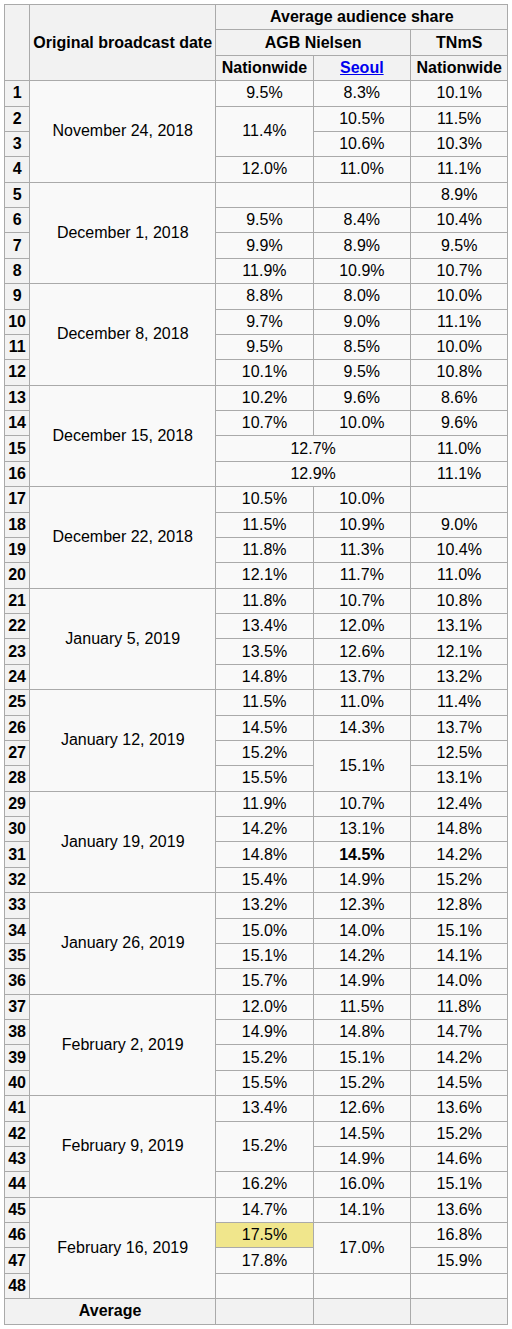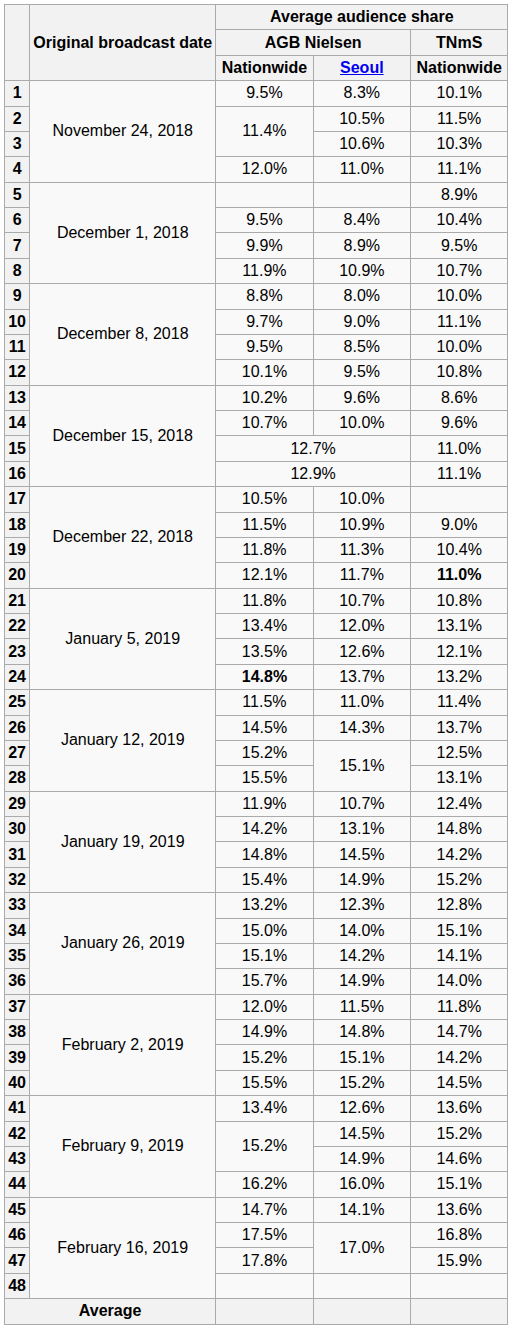 <table class="wikitable" style="text-align:center">
 <tr>
 <th rowspan="3"></th>
 <th rowspan="3">Original broadcast date</th>
 <th colspan="3">Average audience share</th>
 </tr>
 <tr>
 <th colspan="2">AGB Nielsen</th>
 <th width="90">TNmS</th>
 </tr>
 <tr>
 <th width="90">Nationwide</th>
 <th width="90"><a href='#'>Seoul</a></th>
 <th width="90">Nationwide</th>
 </tr>
 <tr>
 <th>1</th>
 <td rowspan="4">November 24, 2018</td>
 <td>9.5% </td>
 <td>8.3% </td>
 <td>10.1%</td>
 </tr>
 <tr>
 <th>2</th>
 <td rowspan="2">11.4% </td>
 <td>10.5% </td>
 <td>11.5%</td>
 </tr>
 <tr>
 <th>3</th>
 <td>10.6% </td>
 <td>10.3%</td>
 </tr>
 <tr>
 <th>4</th>
 <td>12.0% </td>
 <td>11.0% </td>
 <td>11.1%</td>
 </tr>
 <tr>
 <th>5</th>
 <td rowspan="4">December 1, 2018</td>
 <td> </td>
 <td> </td>
 <td>8.9%</td>
 </tr>
 <tr>
 <th>6</th>
 <td>9.5% </td>
 <td>8.4% </td>
 <td>10.4%</td>
 </tr>
 <tr>
 <th>7</th>
 <td>9.9% </td>
 <td>8.9% </td>
 <td>9.5%</td>
 </tr>
 <tr>
 <th>8</th>
 <td>11.9% </td>
 <td>10.9% </td>
 <td>10.7%</td>
 </tr>
 <tr>
 <th>9</th>
 <td rowspan="4">December 8, 2018</td>
 <td>8.8% </td>
 <td>8.0% </td>
 <td>10.0%</td>
 </tr>
 <tr>
 <th>10</th>
 <td>9.7% </td>
 <td>9.0% </td>
 <td>11.1%</td>
 </tr>
 <tr>
 <th>11</th>
 <td>9.5% </td>
 <td>8.5% </td>
 <td>10.0%</td>
 </tr>
 <tr>
 <th>12</th>
 <td>10.1% </td>
 <td>9.5% </td>
 <td>10.8%</td>
 </tr>
 <tr>
 <th>13</th>
 <td rowspan="4">December 15, 2018</td>
 <td>10.2% </td>
 <td>9.6% </td>
 <td>8.6%</td>
 </tr>
 <tr>
 <th>14</th>
 <td>10.7% </td>
 <td>10.0% </td>
 <td>9.6%</td>
 </tr>
 <tr>
 <th>15</th>
 <td colspan="2">12.7% </td>
 <td>11.0%</td>
 </tr>
 <tr>
 <th>16</th>
 <td colspan="2">12.9% </td>
 <td>11.1%</td>
 </tr>
 <tr>
 <th>17</th>
 <td rowspan="4">December 22, 2018</td>
 <td>10.5% </td>
 <td>10.0% </td>
 <td></td>
 </tr>
 <tr>
 <th>18</th>
 <td>11.5% </td>
 <td>10.9% </td>
 <td>9.0%</td>
 </tr>
 <tr>
 <th>19</th>
 <td>11.8% </td>
 <td>11.3% </td>
 <td>10.4%</td>
 </tr>
 <tr>
 <th>20</th>
 <td>12.1% </td>
 <td>11.7% </td>
-<td>11.0%</td>
+<td><strong>11.0%</strong></td>
 </tr>
 <tr>
 <th>21</th>
 <td rowspan="4">January 5, 2019</td>
 <td>11.8% </td>
 <td>10.7% </td>
 <td>10.8%</td>
 </tr>
 <tr>
 <th>22</th>
 <td>13.4% </td>
 <td>12.0% </td>
 <td>13.1%</td>
 </tr>
 <tr>
 <th>23</th>
 <td>13.5% </td>
 <td>12.6% </td>
 <td>12.1%</td>
 </tr>
 <tr>
 <th>24</th>
-<td>14.8% </td>
+<td><strong>14.8% </strong></td>
 <td>13.7% </td>
 <td>13.2%</td>
 </tr>
 <tr>
 <th>25</th>
 <td rowspan="4">January 12, 2019</td>
 <td>11.5% </td>
 <td>11.0% </td>
 <td>11.4%</td>
 </tr>
 <tr>
 <th>26</th>
 <td>14.5% </td>
 <td>14.3% </td>
 <td>13.7%</td>
 </tr>
 <tr>
 <th>27</th>
 <td>15.2% </td>
 <td rowspan=2>15.1% </td>
 <td>12.5%</td>
 </tr>
 <tr>
 <th>28</th>
 <td>15.5% </td>
 <td>13.1%</td>
 </tr>
 <tr>
 <th>29</th>
 <td rowspan="4">January 19, 2019</td>
 <td>11.9% </td>
 <td>10.7% </td>
 <td>12.4%</td>
 </tr>
 <tr>
 <th>30</th>
 <td>14.2% </td>
 <td>13.1% </td>
 <td>14.8%</td>
 </tr>
 <tr>
 <th>31</th>
 <td>14.8% </td>
-<td><strong>14.5% </strong></td>
+<td>14.5% </td>
 <td>14.2%</td>
 </tr>
 <tr>
 <th>32</th>
 <td>15.4% </td>
 <td>14.9% </td>
 <td>15.2%</td>
 </tr>
 <tr>
 <th>33</th>
 <td rowspan="4">January 26, 2019</td>
 <td>13.2% </td>
 <td>12.3% </td>
 <td>12.8%</td>
 </tr>
 <tr>
 <th>34</th>
 <td>15.0% </td>
 <td>14.0% </td>
 <td>15.1%</td>
 </tr>
 <tr>
 <th>35</th>
 <td>15.1% </td>
 <td>14.2% </td>
 <td>14.1%</td>
 </tr>
 <tr>
 <th>36</th>
 <td>15.7% </td>
 <td>14.9% </td>
 <td>14.0%</td>
 </tr>
 <tr>
 <th>37</th>
 <td rowspan="4">February 2, 2019</td>
 <td>12.0% </td>
 <td>11.5% </td>
 <td>11.8%</td>
 </tr>
 <tr>
 <th>38</th>
 <td>14.9% </td>
 <td>14.8% </td>
 <td>14.7%</td>
 </tr>
 <tr>
 <th>39</th>
 <td>15.2% </td>
 <td>15.1%	 </td>
 <td>14.2%</td>
 </tr>
 <tr>
 <th>40</th>
 <td>15.5% </td>
 <td>15.2% </td>
 <td>14.5%</td>
 </tr>
 <tr>
 <th>41</th>
 <td rowspan="4">February 9, 2019</td>
 <td>13.4% </td>
 <td>12.6% </td>
 <td>13.6%</td>
 </tr>
 <tr>
 <th>42</th>
 <td rowspan="2">15.2% </td>
 <td>14.5% </td>
 <td>15.2%</td>
 </tr>
 <tr>
 <th>43</th>
 <td>14.9% </td>
 <td>14.6%</td>
 </tr>
 <tr>
 <th>44</th>
 <td>16.2% </td>
 <td>16.0% </td>
 <td>15.1%</td>
 </tr>
 <tr>
 <th>45</th>
 <td rowspan="4">February 16, 2019</td>
 <td>14.7% </td>
 <td>14.1% </td>
 <td>13.6%</td>
 </tr>
 <tr>
 <th>46</th>
-<td style="background: khaki;">17.5% </td>
+<td>17.5% </td>
 <td rowspan=2>17.0% </td>
 <td>16.8%</td>
 </tr>
 <tr>
 <th>47</th>
 <td>17.8% </td>
 <td>15.9%</td>
 </tr>
 <tr>
 <th>48</th>
 <td> </td>
 <td> </td>
 <td></td>
 </tr>
 <tr>
 <th colspan="2">Average</th>
 <th></th>
 <th></th>
 <th></th>
 </tr>
 </table>
